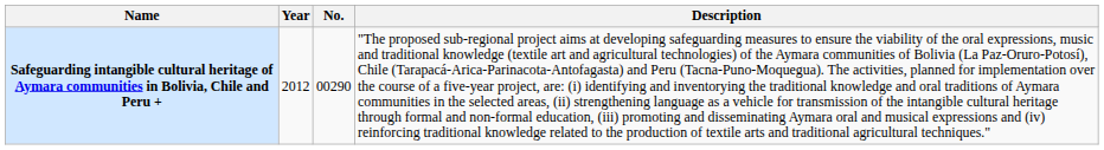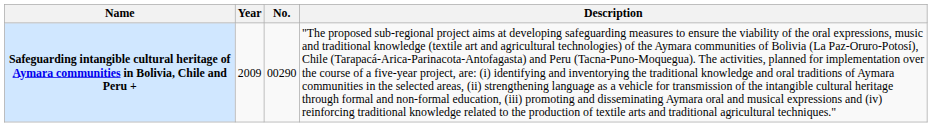 <table class="wikitable sortable plainrowheaders">
 <tr>
 <th style="width:25%">Name</th>
 <th>Year</th>
 <th>No.</th>
 <th class="unsortable">Description</th>
 </tr>
 <tr>
 <th scope="row" style="background:#D0E7FF;">Safeguarding intangible cultural heritage of <a href='#'>Aymara communities</a> in Bolivia, Chile and Peru +</th>
-<td>2012</td>
+<td>2009</td>
 <td>00290</td>
 <td>"The proposed sub-regional project aims at developing safeguarding measures to ensure the viability of the oral expressions, music and traditional knowledge (textile art and agricultural technologies) of the Aymara communities of Bolivia (La Paz-Oruro-Potosí), Chile (Tarapacá-Arica-Parinacota-Antofagasta) and Peru (Tacna-Puno-Moquegua). The activities, planned for implementation over the course of a five-year project, are: (i) identifying and inventorying the traditional knowledge and oral traditions of Aymara communities in the selected areas, (ii) strengthening language as a vehicle for transmission of the intangible cultural heritage through formal and non-formal education, (iii) promoting and disseminating Aymara oral and musical expressions and (iv) reinforcing traditional knowledge related to the production of textile arts and traditional agricultural techniques."</td>
 </tr>
 </table>
